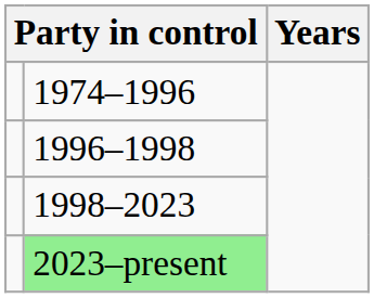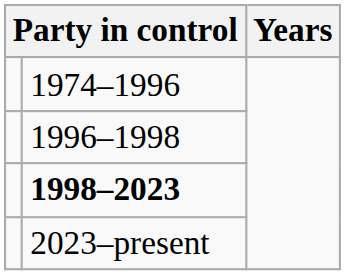 <table class="wikitable">
 <tr>
 <th colspan=2>Party in control</th>
 <th>Years</th>
 </tr>
 <tr>
 <td></td>
 <td>1974–1996</td>
 </tr>
 <tr>
 <td></td>
 <td>1996–1998</td>
 </tr>
 <tr>
 <td></td>
-<td>1998–2023</td>
+<td><strong>1998–2023</strong></td>
 </tr>
 <tr>
 <td></td>
-<td style="background: lightgreen;">2023–present</td>
+<td>2023–present</td>
 </tr>
 </table>
